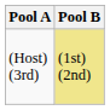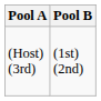 <table class="wikitable">
 <tr>
 <th width=50%>Pool A</th>
 <th width=50%>Pool B</th>
 </tr>
 <tr>
 <td><br> (Host)<br>  (3rd)<br> <br> </td>
-<td style="background: khaki;"><br> (1st)<br>  (2nd)<br> <br> </td>
+<td><br> (1st)<br>  (2nd)<br> <br> </td>
 </tr>
 </table>
